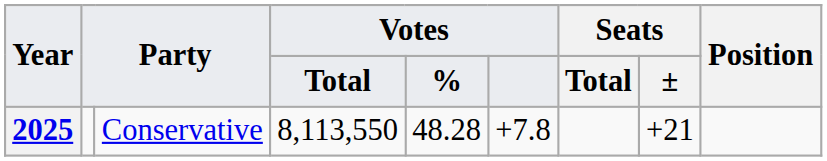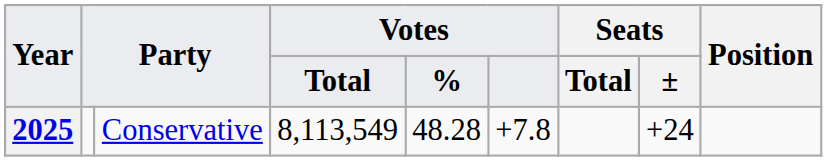 <table class="wikitable" style="font-size:90%; text-align:center;">
 <tr>
 <th rowspan="2" style="background:#eaecf0;">Year</th>
 <th colspan="2" rowspan="2" style="background:#eaecf0;">Party</th>
 <th colspan="3" style="background:#eaecf0;">Votes</th>
 <th colspan="2">Seats</th>
 <th rowspan="2">Position</th>
 </tr>
 <tr>
 <th style="background:#eaecf0;">Total</th>
 <th style="background:#eaecf0;">%</th>
 <th style="background:#eaecf0;"></th>
 <th>Total</th>
 <th>±</th>
 </tr>
 <tr>
 <th><a href='#'>2025</a></th>
 <td style="background-color:"></td>
 <td><a href='#'>Conservative</a></td>
-<td>8,113,550</td>
+<td>8,113,549</td>
 <td>48.28</td>
 <td>+7.8</td>
 <td></td>
-<td>+21</td>
+<td>+24</td>
 <td></td>
 </tr>
 </table>
